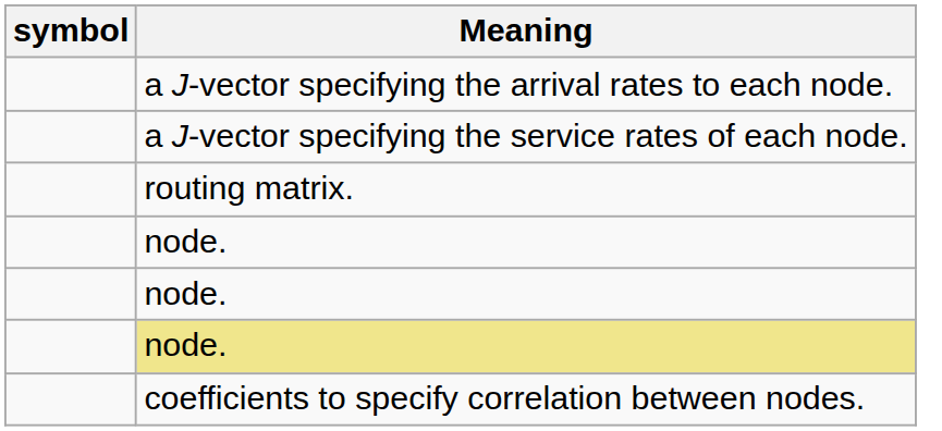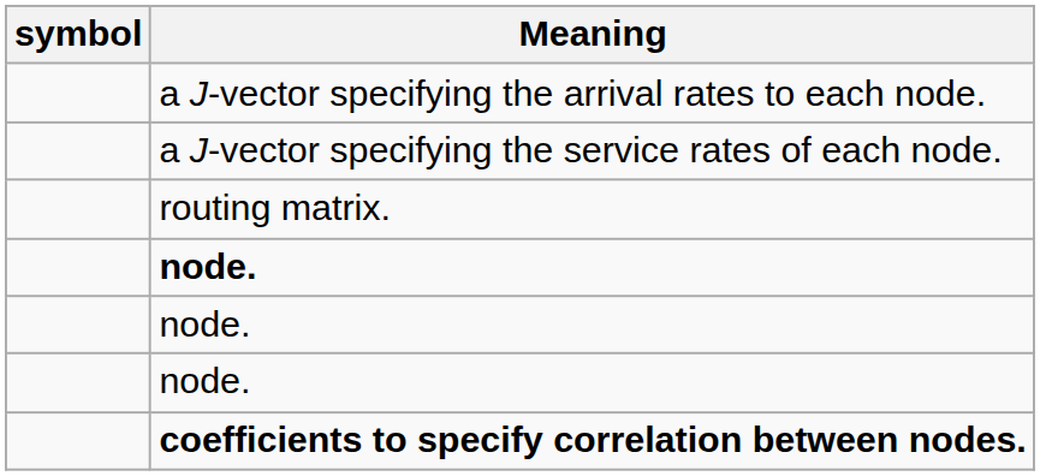 <table class="wikitable">
 <tr>
 <th>symbol</th>
 <th>Meaning</th>
 </tr>
 <tr>
 <td></td>
 <td>a <em>J</em>-vector specifying the arrival rates to each node.</td>
 </tr>
 <tr>
 <td></td>
 <td>a <em>J</em>-vector specifying the service rates of each node.</td>
 </tr>
 <tr>
 <td></td>
 <td>routing matrix.</td>
 </tr>
 <tr>
 <td></td>
+<td><strong> node.</strong></td>
+</tr>
+<tr>
+<td></td>
 <td> node.</td>
 </tr>
 <tr>
 <td></td>
 <td> node.</td>
 </tr>
 <tr>
 <td></td>
-<td style="background: khaki;"> node.</td>
-</tr>
-<tr>
-<td></td>
-<td>coefficients to specify correlation between nodes.<br>  </td>
+<td><strong>coefficients to specify correlation between nodes.<br>  </strong></td>
 </tr>
 </table>
